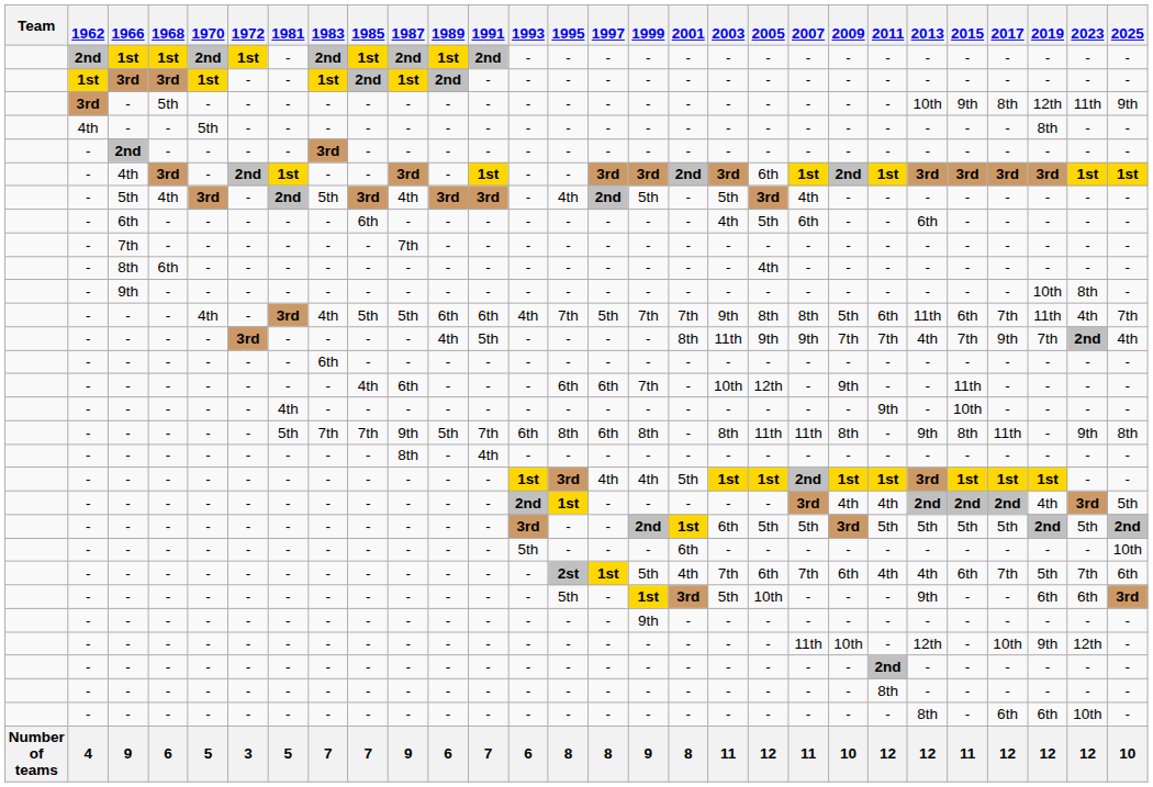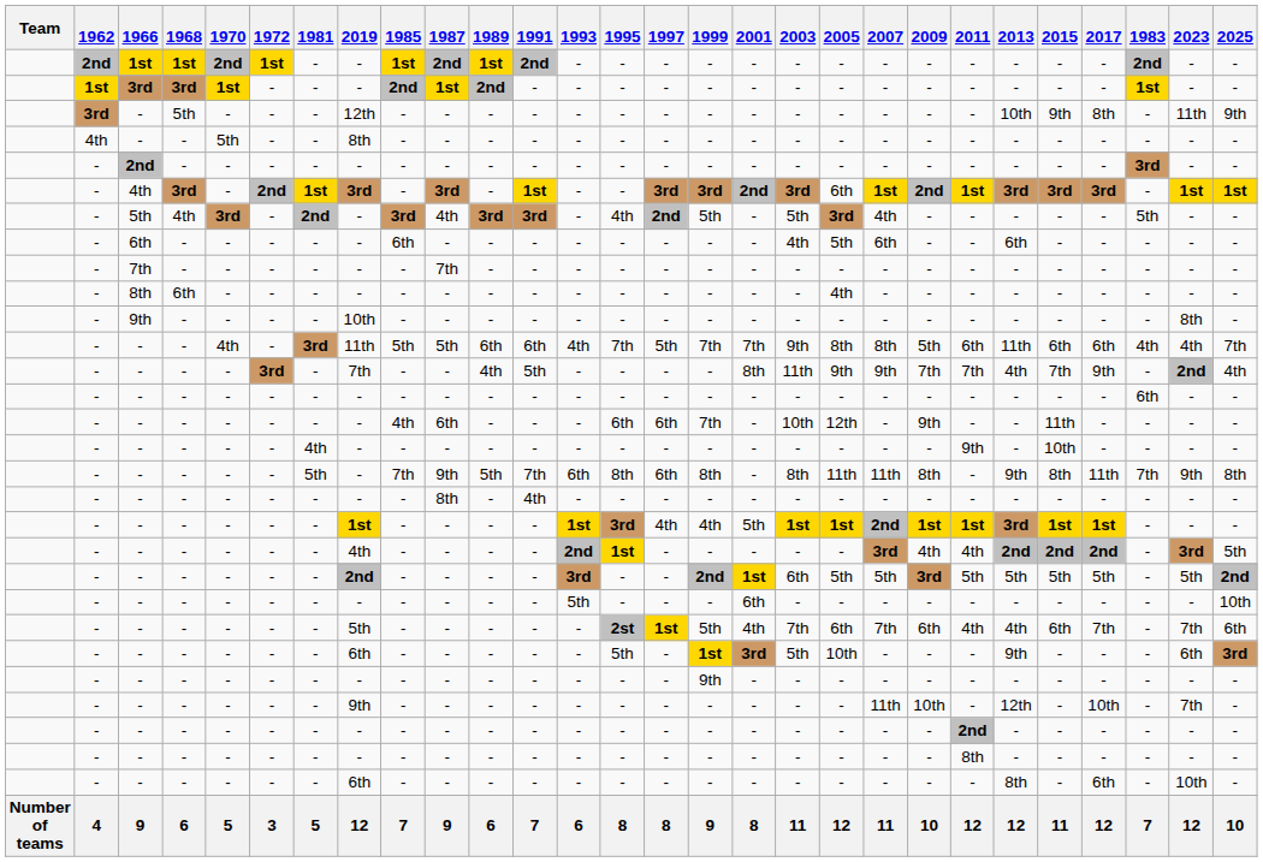 <table class="wikitable" style="text-align:center; font-size:90%">
 <tr>
 <th width=170>Team</th>
 <th width=25><br><a href='#'>1962</a></th>
 <th><br><a href='#'>1966</a></th>
 <th width=25><br><a href='#'>1968</a></th>
 <th width=25><br><a href='#'>1970</a></th>
 <th><br><a href='#'>1972</a></th>
 <th width=25><br><a href='#'>1981</a></th>
-<th width=25><br><a href='#'>1983</a></th>
+<th><br><a href='#'>2019</a></th>
 <th><br><a href='#'>1985</a></th>
 <th><br><a href='#'>1987</a></th>
 <th><br><a href='#'>1989</a></th>
 <th><br><a href='#'>1991</a></th>
 <th><br><a href='#'>1993</a></th>
 <th><br><a href='#'>1995</a></th>
 <th><br><a href='#'>1997</a></th>
 <th><br><a href='#'>1999</a></th>
 <th><br><a href='#'>2001</a></th>
 <th><br><a href='#'>2003</a></th>
 <th><br><a href='#'>2005</a></th>
 <th><br><a href='#'>2007</a></th>
 <th><br><a href='#'>2009</a></th>
 <th><br><a href='#'>2011</a></th>
 <th><br><a href='#'>2013</a></th>
 <th><br><a href='#'>2015</a></th>
 <th><br><a href='#'>2017</a></th>
-<th><br><a href='#'>2019</a></th>
+<th width=25><br><a href='#'>1983</a></th>
 <th><br><a href='#'>2023</a></th>
 <th><br><a href='#'>2025</a></th>
 </tr>
 <tr>
 <td align=left></td>
 <td bgcolor=silver><strong>2nd</strong></td>
 <td bgcolor=gold><strong>1st</strong></td>
 <td bgcolor=gold><strong>1st</strong></td>
 <td bgcolor=silver><strong>2nd</strong></td>
-<td bgcolor=gold><strong>1st</strong></td>
-<td>-</td>
-<td bgcolor=silver><strong>2nd</strong></td>
-<td bgcolor=gold><strong>1st</strong></td>
-<td bgcolor=silver><strong>2nd</strong></td>
-<td bgcolor=gold><strong>1st</strong></td>
-<td bgcolor=silver><strong>2nd</strong></td>
-<td>-</td>
-<td>-</td>
-<td>-</td>
-<td>-</td>
-<td>-</td>
-<td>-</td>
-<td>-</td>
-<td>-</td>
-<td>-</td>
-<td>-</td>
-<td>-</td>
-<td>-</td>
-<td>-</td>
-<td>-</td>
-<td>-</td>
-<td>-</td>
-</tr>
-<tr>
-<td align=left></td>
-<td bgcolor=gold><strong>1st</strong></td>
-<td bgcolor=cc9966><strong>3rd</strong></td>
-<td bgcolor=cc9966><strong>3rd</strong></td>
 <td bgcolor=gold><strong>1st</strong></td>
 <td>-</td>
 <td>-</td>
 <td bgcolor=gold><strong>1st</strong></td>
 <td bgcolor=silver><strong>2nd</strong></td>
 <td bgcolor=gold><strong>1st</strong></td>
 <td bgcolor=silver><strong>2nd</strong></td>
 <td>-</td>
 <td>-</td>
 <td>-</td>
 <td>-</td>
 <td>-</td>
 <td>-</td>
 <td>-</td>
 <td>-</td>
 <td>-</td>
 <td>-</td>
 <td>-</td>
 <td>-</td>
 <td>-</td>
+<td bgcolor=silver><strong>2nd</strong></td>
 <td>-</td>
 <td>-</td>
+</tr>
+<tr>
+<td align=left></td>
+<td bgcolor=gold><strong>1st</strong></td>
+<td bgcolor=cc9966><strong>3rd</strong></td>
+<td bgcolor=cc9966><strong>3rd</strong></td>
+<td bgcolor=gold><strong>1st</strong></td>
+<td>-</td>
+<td>-</td>
+<td>-</td>
+<td bgcolor=silver><strong>2nd</strong></td>
+<td bgcolor=gold><strong>1st</strong></td>
+<td bgcolor=silver><strong>2nd</strong></td>
+<td>-</td>
+<td>-</td>
+<td>-</td>
+<td>-</td>
+<td>-</td>
+<td>-</td>
+<td>-</td>
+<td>-</td>
+<td>-</td>
+<td>-</td>
+<td>-</td>
+<td>-</td>
+<td>-</td>
+<td>-</td>
+<td bgcolor=gold><strong>1st</strong></td>
 <td>-</td>
 <td>-</td>
 </tr>
 <tr>
 <td align=left></td>
 <td bgcolor=cc9966><strong>3rd</strong></td>
 <td>-</td>
 <td>5th</td>
 <td>-</td>
 <td>-</td>
 <td>-</td>
-<td>-</td>
+<td>12th</td>
 <td>-</td>
 <td>-</td>
 <td>-</td>
 <td>-</td>
 <td>-</td>
 <td>-</td>
 <td>-</td>
 <td>-</td>
 <td>-</td>
 <td>-</td>
 <td>-</td>
 <td>-</td>
 <td>-</td>
 <td>-</td>
 <td>10th</td>
 <td>9th</td>
 <td>8th</td>
-<td>12th</td>
+<td>-</td>
 <td>11th</td>
 <td>9th</td>
 </tr>
 <tr>
 <td align=left></td>
 <td>4th</td>
 <td>-</td>
 <td>-</td>
 <td>5th</td>
 <td>-</td>
 <td>-</td>
-<td>-</td>
-<td>-</td>
-<td>-</td>
-<td>-</td>
-<td>-</td>
-<td>-</td>
-<td>-</td>
-<td>-</td>
-<td>-</td>
-<td>-</td>
-<td>-</td>
-<td>-</td>
-<td>-</td>
-<td>-</td>
-<td>-</td>
-<td>-</td>
-<td>-</td>
-<td>-</td>
 <td>8th</td>
-<td>-</td>
-<td>-</td>
-</tr>
-<tr>
-<td align=left></td>
-<td>-</td>
-<td bgcolor=silver><strong>2nd</strong></td>
-<td>-</td>
-<td>-</td>
-<td>-</td>
-<td>-</td>
-<td bgcolor=cc9966><strong>3rd</strong></td>
 <td>-</td>
 <td>-</td>
 <td>-</td>
 <td>-</td>
 <td>-</td>
 <td>-</td>
 <td>-</td>
 <td>-</td>
 <td>-</td>
 <td>-</td>
 <td>-</td>
 <td>-</td>
 <td>-</td>
 <td>-</td>
 <td>-</td>
 <td>-</td>
 <td>-</td>
 <td>-</td>
 <td>-</td>
 <td>-</td>
 </tr>
 <tr>
 <td align=left></td>
 <td>-</td>
+<td bgcolor=silver><strong>2nd</strong></td>
+<td>-</td>
+<td>-</td>
+<td>-</td>
+<td>-</td>
+<td>-</td>
+<td>-</td>
+<td>-</td>
+<td>-</td>
+<td>-</td>
+<td>-</td>
+<td>-</td>
+<td>-</td>
+<td>-</td>
+<td>-</td>
+<td>-</td>
+<td>-</td>
+<td>-</td>
+<td>-</td>
+<td>-</td>
+<td>-</td>
+<td>-</td>
+<td>-</td>
+<td bgcolor=cc9966><strong>3rd</strong></td>
+<td>-</td>
+<td>-</td>
+</tr>
+<tr>
+<td align=left></td>
+<td>-</td>
 <td>4th</td>
 <td bgcolor=cc9966><strong>3rd</strong></td>
 <td>-</td>
 <td bgcolor=silver><strong>2nd</strong></td>
 <td bgcolor=gold><strong>1st</strong></td>
-<td>-</td>
+<td bgcolor=cc9966><strong>3rd</strong></td>
 <td>-</td>
 <td bgcolor=cc9966><strong>3rd</strong></td>
 <td>-</td>
 <td bgcolor=gold><strong>1st</strong></td>
 <td>-</td>
 <td>-</td>
 <td bgcolor=cc9966><strong>3rd</strong></td>
 <td bgcolor=cc9966><strong>3rd</strong></td>
 <td bgcolor=silver><strong>2nd</strong></td>
 <td bgcolor=cc9966><strong>3rd</strong></td>
 <td>6th</td>
 <td bgcolor=gold><strong>1st</strong></td>
 <td bgcolor=silver><strong>2nd</strong></td>
 <td bgcolor=gold><strong>1st</strong></td>
 <td bgcolor=cc9966><strong>3rd</strong></td>
 <td bgcolor=cc9966><strong>3rd</strong></td>
 <td bgcolor=cc9966><strong>3rd</strong></td>
-<td bgcolor=cc9966><strong>3rd</strong></td>
+<td>-</td>
 <td bgcolor=gold><strong>1st</strong></td>
 <td bgcolor=gold><strong>1st</strong></td>
 </tr>
 <tr>
 <td align=left></td>
 <td>-</td>
 <td>5th</td>
 <td>4th</td>
 <td bgcolor=cc9966><strong>3rd</strong></td>
 <td>-</td>
 <td bgcolor=silver><strong>2nd</strong></td>
-<td>5th</td>
+<td>-</td>
 <td bgcolor=cc9966><strong>3rd</strong></td>
 <td>4th</td>
 <td bgcolor=cc9966><strong>3rd</strong></td>
 <td bgcolor=cc9966><strong>3rd</strong></td>
 <td>-</td>
 <td>4th</td>
 <td bgcolor=silver><strong>2nd</strong></td>
 <td>5th</td>
 <td>-</td>
 <td>5th</td>
 <td bgcolor=cc9966><strong>3rd</strong></td>
 <td>4th</td>
 <td>-</td>
 <td>-</td>
 <td>-</td>
 <td>-</td>
 <td>-</td>
-<td>-</td>
+<td>5th</td>
 <td>-</td>
 <td>-</td>
 </tr>
 <tr>
 <td align=left></td>
 <td>-</td>
 <td>6th</td>
 <td>-</td>
 <td>-</td>
 <td>-</td>
 <td>-</td>
 <td>-</td>
 <td>6th</td>
 <td>-</td>
 <td>-</td>
 <td>-</td>
 <td>-</td>
 <td>-</td>
 <td>-</td>
 <td>-</td>
 <td>-</td>
 <td>4th</td>
 <td>5th</td>
 <td>6th</td>
 <td>-</td>
 <td>-</td>
 <td>6th</td>
 <td>-</td>
 <td>-</td>
 <td>-</td>
 <td>-</td>
 <td>-</td>
 </tr>
 <tr>
 <td align=left></td>
 <td>-</td>
 <td>7th</td>
 <td>-</td>
 <td>-</td>
 <td>-</td>
 <td>-</td>
 <td>-</td>
 <td>-</td>
 <td>7th</td>
 <td>-</td>
 <td>-</td>
 <td>-</td>
 <td>-</td>
 <td>-</td>
 <td>-</td>
 <td>-</td>
 <td>-</td>
 <td>-</td>
 <td>-</td>
 <td>-</td>
 <td>-</td>
 <td>-</td>
 <td>-</td>
 <td>-</td>
 <td>-</td>
 <td>-</td>
 <td>-</td>
 </tr>
 <tr>
 <td align=left></td>
 <td>-</td>
 <td>8th</td>
 <td>6th</td>
 <td>-</td>
 <td>-</td>
 <td>-</td>
 <td>-</td>
 <td>-</td>
 <td>-</td>
 <td>-</td>
 <td>-</td>
 <td>-</td>
 <td>-</td>
 <td>-</td>
 <td>-</td>
 <td>-</td>
 <td>-</td>
 <td>4th</td>
 <td>-</td>
 <td>-</td>
 <td>-</td>
 <td>-</td>
 <td>-</td>
 <td>-</td>
 <td>-</td>
 <td>-</td>
 <td>-</td>
 </tr>
 <tr>
 <td align=left></td>
 <td>-</td>
 <td>9th</td>
 <td>-</td>
 <td>-</td>
 <td>-</td>
 <td>-</td>
+<td>10th</td>
 <td>-</td>
 <td>-</td>
 <td>-</td>
 <td>-</td>
 <td>-</td>
 <td>-</td>
 <td>-</td>
 <td>-</td>
 <td>-</td>
 <td>-</td>
 <td>-</td>
 <td>-</td>
 <td>-</td>
 <td>-</td>
 <td>-</td>
 <td>-</td>
 <td>-</td>
 <td>-</td>
-<td>10th</td>
 <td>8th</td>
 <td>-</td>
 </tr>
 <tr>
 <td align=left></td>
 <td>-</td>
 <td>-</td>
 <td>-</td>
 <td>4th</td>
 <td>-</td>
 <td bgcolor=cc9966><strong>3rd</strong></td>
-<td>4th</td>
+<td>11th</td>
 <td>5th</td>
 <td>5th</td>
 <td>6th</td>
 <td>6th</td>
 <td>4th</td>
 <td>7th</td>
 <td>5th</td>
 <td>7th</td>
 <td>7th</td>
 <td>9th</td>
 <td>8th</td>
 <td>8th</td>
 <td>5th</td>
 <td>6th</td>
 <td>11th</td>
 <td>6th</td>
-<td>7th</td>
-<td>11th</td>
+<td>6th</td>
+<td>4th</td>
 <td>4th</td>
 <td>7th</td>
 </tr>
 <tr>
 <td align=left></td>
 <td>-</td>
 <td>-</td>
 <td>-</td>
 <td>-</td>
 <td bgcolor=cc9966><strong>3rd</strong></td>
 <td>-</td>
-<td>-</td>
+<td>7th</td>
 <td>-</td>
 <td>-</td>
 <td>4th</td>
 <td>5th</td>
 <td>-</td>
 <td>-</td>
 <td>-</td>
 <td>-</td>
 <td>8th</td>
 <td>11th</td>
 <td>9th</td>
 <td>9th</td>
 <td>7th</td>
 <td>7th</td>
 <td>4th</td>
 <td>7th</td>
 <td>9th</td>
-<td>7th</td>
+<td>-</td>
 <td bgcolor=silver><strong>2nd</strong></td>
 <td>4th</td>
 </tr>
 <tr>
 <td align=left></td>
-<td>-</td>
-<td>-</td>
-<td>-</td>
-<td>-</td>
-<td>-</td>
-<td>-</td>
-<td>6th</td>
 <td>-</td>
 <td>-</td>
 <td>-</td>
 <td>-</td>
 <td>-</td>
 <td>-</td>
 <td>-</td>
 <td>-</td>
 <td>-</td>
 <td>-</td>
 <td>-</td>
 <td>-</td>
 <td>-</td>
 <td>-</td>
 <td>-</td>
 <td>-</td>
 <td>-</td>
 <td>-</td>
+<td>-</td>
+<td>-</td>
+<td>-</td>
+<td>-</td>
+<td>-</td>
+<td>-</td>
+<td>6th</td>
 <td>-</td>
 <td>-</td>
 </tr>
 <tr>
 <td align=left></td>
 <td>-</td>
 <td>-</td>
 <td>-</td>
 <td>-</td>
 <td>-</td>
 <td>-</td>
 <td>-</td>
 <td>4th</td>
 <td>6th</td>
 <td>-</td>
 <td>-</td>
 <td>-</td>
 <td>6th</td>
 <td>6th</td>
 <td>7th</td>
 <td>-</td>
 <td>10th</td>
 <td>12th</td>
 <td>-</td>
 <td>9th</td>
 <td>-</td>
 <td>-</td>
 <td>11th</td>
 <td>-</td>
 <td>-</td>
 <td>-</td>
 <td>-</td>
 </tr>
 <tr>
 <td align=left></td>
 <td>-</td>
 <td>-</td>
 <td>-</td>
 <td>-</td>
 <td>-</td>
 <td>4th</td>
 <td>-</td>
 <td>-</td>
 <td>-</td>
 <td>-</td>
 <td>-</td>
 <td>-</td>
 <td>-</td>
 <td>-</td>
 <td>-</td>
 <td>-</td>
 <td>-</td>
 <td>-</td>
 <td>-</td>
 <td>-</td>
 <td>9th</td>
 <td>-</td>
 <td>10th</td>
 <td>-</td>
 <td>-</td>
 <td>-</td>
 <td>-</td>
 </tr>
 <tr>
 <td align=left></td>
 <td>-</td>
 <td>-</td>
 <td>-</td>
 <td>-</td>
 <td>-</td>
 <td>5th</td>
-<td>7th</td>
+<td>-</td>
 <td>7th</td>
 <td>9th</td>
 <td>5th</td>
 <td>7th</td>
 <td>6th</td>
 <td>8th</td>
 <td>6th</td>
 <td>8th</td>
 <td>-</td>
 <td>8th</td>
 <td>11th</td>
 <td>11th</td>
 <td>8th</td>
 <td>-</td>
 <td>9th</td>
 <td>8th</td>
 <td>11th</td>
-<td>-</td>
+<td>7th</td>
 <td>9th</td>
 <td>8th</td>
 </tr>
 <tr>
 <td align=left></td>
 <td>-</td>
 <td>-</td>
 <td>-</td>
 <td>-</td>
 <td>-</td>
 <td>-</td>
 <td>-</td>
 <td>-</td>
 <td>8th</td>
 <td>-</td>
 <td>4th</td>
 <td>-</td>
 <td>-</td>
 <td>-</td>
 <td>-</td>
 <td>-</td>
 <td>-</td>
 <td>-</td>
 <td>-</td>
 <td>-</td>
 <td>-</td>
 <td>-</td>
 <td>-</td>
 <td>-</td>
 <td>-</td>
 <td>-</td>
 <td>-</td>
 </tr>
 <tr>
 <td align=left></td>
 <td>-</td>
 <td>-</td>
 <td>-</td>
 <td>-</td>
 <td>-</td>
 <td>-</td>
-<td>-</td>
+<td bgcolor=gold><strong>1st</strong></td>
 <td>-</td>
 <td>-</td>
 <td>-</td>
 <td>-</td>
 <td bgcolor=gold><strong>1st</strong></td>
 <td bgcolor=cc9966><strong>3rd</strong></td>
 <td>4th</td>
 <td>4th</td>
 <td>5th</td>
 <td bgcolor=gold><strong>1st</strong></td>
 <td bgcolor=gold><strong>1st</strong></td>
 <td bgcolor=silver><strong>2nd</strong></td>
 <td bgcolor=gold><strong>1st</strong></td>
 <td bgcolor=gold><strong>1st</strong></td>
 <td bgcolor=cc9966><strong>3rd</strong></td>
 <td bgcolor=gold><strong>1st</strong></td>
 <td bgcolor=gold><strong>1st</strong></td>
-<td bgcolor=gold><strong>1st</strong></td>
+<td>-</td>
 <td>-</td>
 <td>-</td>
 </tr>
 <tr>
 <td align=left></td>
 <td>-</td>
 <td>-</td>
 <td>-</td>
 <td>-</td>
 <td>-</td>
 <td>-</td>
-<td>-</td>
+<td>4th</td>
 <td>-</td>
 <td>-</td>
 <td>-</td>
 <td>-</td>
 <td bgcolor=silver><strong>2nd</strong></td>
 <td bgcolor=gold><strong>1st</strong></td>
 <td>-</td>
 <td>-</td>
 <td>-</td>
 <td>-</td>
 <td>-</td>
 <td bgcolor=cc9966><strong>3rd</strong></td>
 <td>4th</td>
 <td>4th</td>
 <td bgcolor=silver><strong>2nd</strong></td>
 <td bgcolor=silver><strong>2nd</strong></td>
 <td bgcolor=silver><strong>2nd</strong></td>
-<td>4th</td>
+<td>-</td>
 <td bgcolor=cc9966><strong>3rd</strong></td>
 <td>5th</td>
 </tr>
 <tr>
 <td align=left></td>
 <td>-</td>
 <td>-</td>
 <td>-</td>
 <td>-</td>
 <td>-</td>
 <td>-</td>
-<td>-</td>
+<td bgcolor=silver><strong>2nd</strong></td>
 <td>-</td>
 <td>-</td>
 <td>-</td>
 <td>-</td>
 <td bgcolor=cc9966><strong>3rd</strong></td>
 <td>-</td>
 <td>-</td>
 <td bgcolor=silver><strong>2nd</strong></td>
 <td bgcolor=gold><strong>1st</strong></td>
 <td>6th</td>
 <td>5th</td>
 <td>5th</td>
 <td bgcolor=cc9966><strong>3rd</strong></td>
 <td>5th</td>
 <td>5th</td>
 <td>5th</td>
 <td>5th</td>
-<td bgcolor=silver><strong>2nd</strong></td>
+<td>-</td>
 <td>5th</td>
 <td bgcolor=silver><strong>2nd</strong></td>
 </tr>
 <tr>
 <td align=left></td>
 <td>-</td>
 <td>-</td>
 <td>-</td>
 <td>-</td>
 <td>-</td>
 <td>-</td>
 <td>-</td>
 <td>-</td>
 <td>-</td>
 <td>-</td>
 <td>-</td>
 <td>5th</td>
 <td>-</td>
 <td>-</td>
 <td>-</td>
 <td>6th</td>
 <td>-</td>
 <td>-</td>
 <td>-</td>
 <td>-</td>
 <td>-</td>
 <td>-</td>
 <td>-</td>
 <td>-</td>
 <td>-</td>
 <td>-</td>
 <td>10th</td>
 </tr>
 <tr>
 <td align=left></td>
 <td>-</td>
 <td>-</td>
 <td>-</td>
 <td>-</td>
 <td>-</td>
 <td>-</td>
-<td>-</td>
+<td>5th</td>
 <td>-</td>
 <td>-</td>
 <td>-</td>
 <td>-</td>
 <td>-</td>
 <td bgcolor=silver><strong>2st</strong></td>
 <td bgcolor=gold><strong>1st</strong></td>
 <td>5th</td>
 <td>4th</td>
 <td>7th</td>
 <td>6th</td>
 <td>7th</td>
 <td>6th</td>
 <td>4th</td>
 <td>4th</td>
 <td>6th</td>
 <td>7th</td>
-<td>5th</td>
+<td>-</td>
 <td>7th</td>
 <td>6th</td>
 </tr>
 <tr>
 <td align=left></td>
 <td>-</td>
 <td>-</td>
 <td>-</td>
 <td>-</td>
 <td>-</td>
 <td>-</td>
-<td>-</td>
+<td>6th</td>
 <td>-</td>
 <td>-</td>
 <td>-</td>
 <td>-</td>
 <td>-</td>
 <td>5th</td>
 <td>-</td>
 <td bgcolor=gold><strong>1st</strong></td>
 <td bgcolor=cc9966><strong>3rd</strong></td>
 <td>5th</td>
 <td>10th</td>
 <td>-</td>
 <td>-</td>
 <td>-</td>
 <td>9th</td>
 <td>-</td>
 <td>-</td>
-<td>6th</td>
+<td>-</td>
 <td>6th</td>
 <td bgcolor=cc9966><strong>3rd</strong></td>
 </tr>
 <tr>
 <td align=left></td>
 <td>-</td>
 <td>-</td>
 <td>-</td>
 <td>-</td>
 <td>-</td>
 <td>-</td>
 <td>-</td>
 <td>-</td>
 <td>-</td>
 <td>-</td>
 <td>-</td>
 <td>-</td>
 <td>-</td>
 <td>-</td>
 <td>9th</td>
 <td>-</td>
 <td>-</td>
 <td>-</td>
 <td>-</td>
 <td>-</td>
 <td>-</td>
 <td>-</td>
 <td>-</td>
 <td>-</td>
 <td>-</td>
 <td>-</td>
 <td>-</td>
 </tr>
 <tr>
 <td align=left></td>
 <td>-</td>
 <td>-</td>
 <td>-</td>
 <td>-</td>
 <td>-</td>
 <td>-</td>
-<td>-</td>
+<td>9th</td>
 <td>-</td>
 <td>-</td>
 <td>-</td>
 <td>-</td>
 <td>-</td>
 <td>-</td>
 <td>-</td>
 <td>-</td>
 <td>-</td>
 <td>-</td>
 <td>-</td>
 <td>11th</td>
 <td>10th</td>
 <td>-</td>
 <td>12th</td>
 <td>-</td>
 <td>10th</td>
-<td>9th</td>
-<td>12th</td>
+<td>-</td>
+<td>7th</td>
 <td>-</td>
 </tr>
 <tr>
 <td align=left></td>
 <td>-</td>
 <td>-</td>
 <td>-</td>
 <td>-</td>
 <td>-</td>
 <td>-</td>
 <td>-</td>
 <td>-</td>
 <td>-</td>
 <td>-</td>
 <td>-</td>
 <td>-</td>
 <td>-</td>
 <td>-</td>
 <td>-</td>
 <td>-</td>
 <td>-</td>
 <td>-</td>
 <td>-</td>
 <td>-</td>
 <td bgcolor=silver><strong>2nd</strong></td>
 <td>-</td>
 <td>-</td>
 <td>-</td>
 <td>-</td>
 <td>-</td>
 <td>-</td>
 </tr>
 <tr>
 <td align=left></td>
 <td>-</td>
 <td>-</td>
 <td>-</td>
 <td>-</td>
 <td>-</td>
 <td>-</td>
 <td>-</td>
 <td>-</td>
 <td>-</td>
 <td>-</td>
 <td>-</td>
 <td>-</td>
 <td>-</td>
 <td>-</td>
 <td>-</td>
 <td>-</td>
 <td>-</td>
 <td>-</td>
 <td>-</td>
 <td>-</td>
 <td>8th</td>
 <td>-</td>
 <td>-</td>
 <td>-</td>
 <td>-</td>
 <td>-</td>
 <td>-</td>
 </tr>
 <tr>
 <td align=left></td>
 <td>-</td>
 <td>-</td>
 <td>-</td>
 <td>-</td>
 <td>-</td>
 <td>-</td>
-<td>-</td>
+<td>6th</td>
 <td>-</td>
 <td>-</td>
 <td>-</td>
 <td>-</td>
 <td>-</td>
 <td>-</td>
 <td>-</td>
 <td>-</td>
 <td>-</td>
 <td>-</td>
 <td>-</td>
 <td>-</td>
 <td>-</td>
 <td>-</td>
 <td>8th</td>
 <td>-</td>
 <td>6th</td>
-<td>6th</td>
+<td>-</td>
 <td>10th</td>
 <td>-</td>
 </tr>
 <tr>
 <th>Number of teams</th>
 <th>4</th>
 <th>9</th>
 <th>6</th>
 <th>5</th>
 <th>3</th>
 <th>5</th>
-<th>7</th>
+<th>12</th>
 <th>7</th>
 <th>9</th>
 <th>6</th>
 <th>7</th>
 <th>6</th>
 <th>8</th>
 <th>8</th>
 <th>9</th>
 <th>8</th>
 <th>11</th>
 <th>12</th>
 <th>11</th>
 <th>10</th>
 <th>12</th>
 <th>12</th>
 <th>11</th>
 <th>12</th>
-<th>12</th>
+<th>7</th>
 <th>12</th>
 <th>10</th>
 </tr>
 </table>
